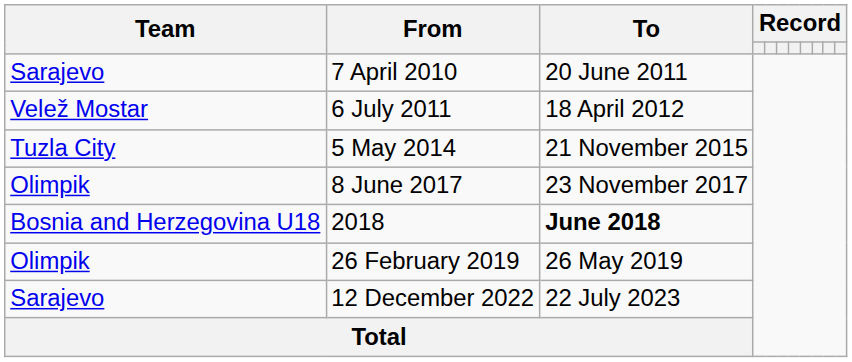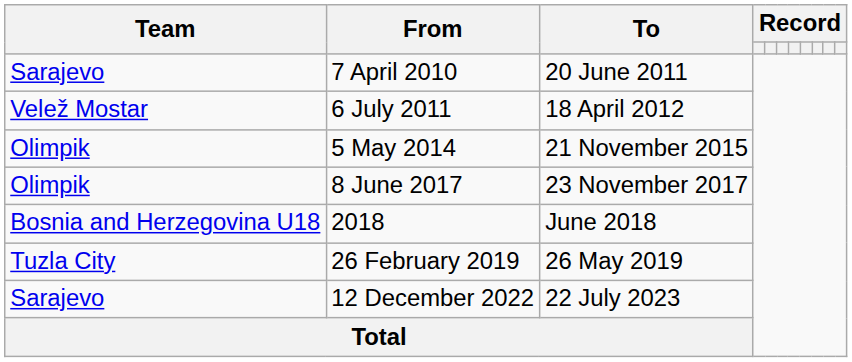 <table class="wikitable" style="text-align: center">
 <tr>
 <th rowspan="2">Team</th>
 <th rowspan="2">From</th>
 <th rowspan="2">To</th>
 <th colspan="8">Record</th>
 </tr>
 <tr>
 <th></th>
 <th></th>
 <th></th>
 <th></th>
 <th></th>
 <th></th>
 <th></th>
 <th></th>
 </tr>
 <tr>
 <td align="left"><a href='#'>Sarajevo</a></td>
 <td align="left">7 April 2010</td>
 <td align="left">20 June 2011<br></td>
 </tr>
 <tr>
 <td align=left><a href='#'>Velež Mostar</a></td>
 <td align=left>6 July 2011</td>
 <td align=left>18 April 2012<br></td>
 </tr>
 <tr>
-<td align=left><a href='#'>Tuzla City</a></td>
+<td align=left><a href='#'>Olimpik</a></td>
 <td align=left>5 May 2014</td>
 <td align=left>21 November 2015<br></td>
 </tr>
 <tr>
 <td align=left><a href='#'>Olimpik</a></td>
 <td align=left>8 June 2017</td>
 <td align=left>23 November 2017<br></td>
 </tr>
 <tr>
 <td align=left><a href='#'>Bosnia and Herzegovina U18</a></td>
 <td align=left>2018</td>
-<td align=left><strong>June 2018<br></strong></td>
+<td align=left>June 2018<br></td>
 </tr>
 <tr>
-<td align=left><a href='#'>Olimpik</a></td>
+<td align=left><a href='#'>Tuzla City</a></td>
 <td align=left>26 February 2019</td>
 <td align=left>26 May 2019<br></td>
 </tr>
 <tr>
 <td align=left><a href='#'>Sarajevo</a></td>
 <td align=left>12 December 2022</td>
 <td align=left>22 July 2023<br></td>
 </tr>
 <tr>
 <th colspan="3">Total<br></th>
 </tr>
 </table>
